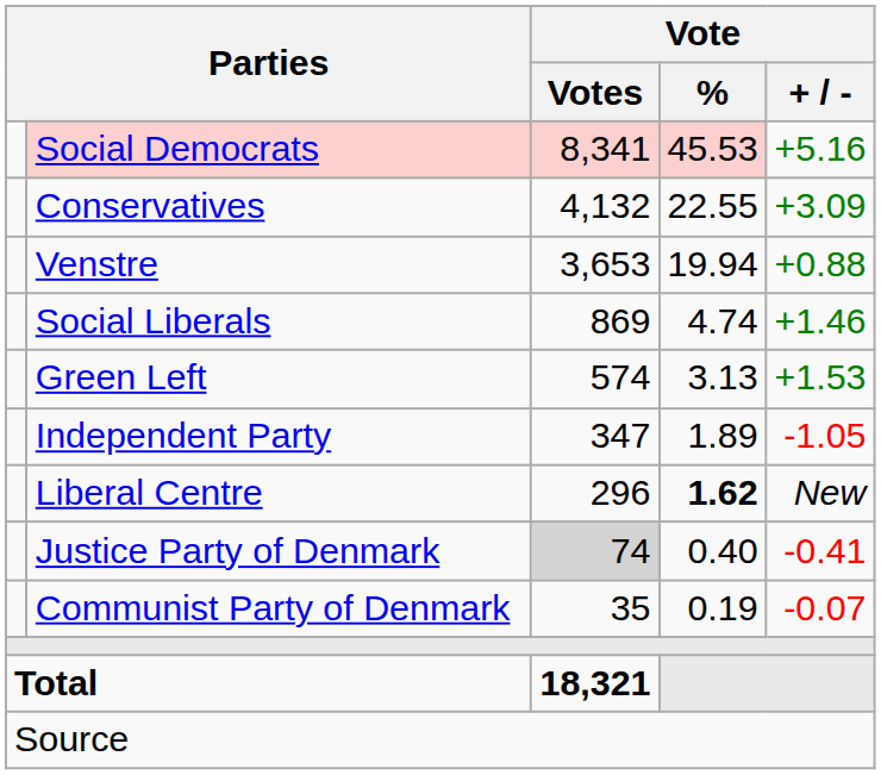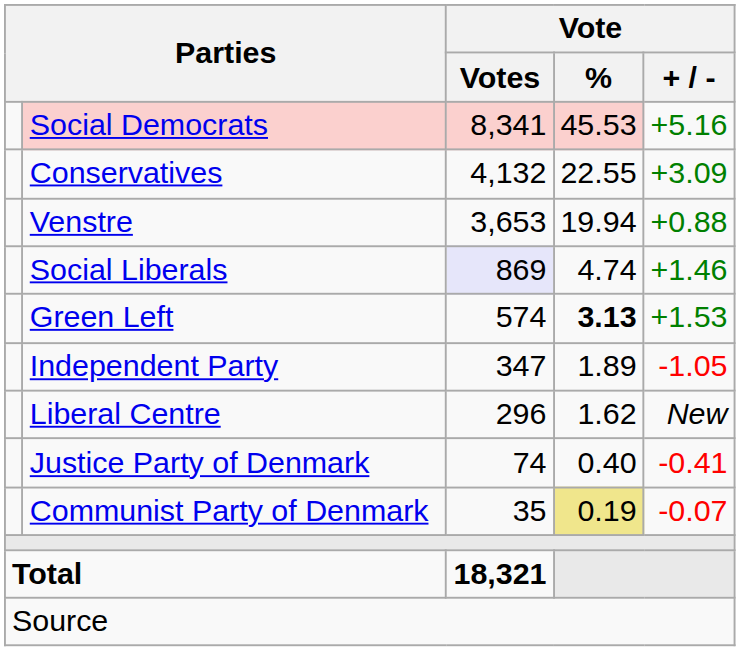 <table class="wikitable" style="text-align:right;">
 <tr>
 <th style="text-align:centre;" rowspan="2" colspan="2" width="225">Parties</th>
 <th colspan="3">Vote</th>
 </tr>
 <tr>
 <th width="15">Votes</th>
 <th width="15">%</th>
 <th width="15">+ / -</th>
 </tr>
 <tr>
 <td width="2" style="color:inherit;background:"></td>
 <td bgcolor=#fbd0ce  align="left"><a href='#'>Social Democrats</a></td>
 <td bgcolor=#fbd0ce>8,341</td>
 <td bgcolor=#fbd0ce>45.53</td>
 <td style=color:green;>+5.16</td>
 </tr>
 <tr>
 <td width="2" style="color:inherit;background:"></td>
 <td align="left"><a href='#'>Conservatives</a></td>
 <td>4,132</td>
 <td>22.55</td>
 <td style=color:green;>+3.09</td>
 </tr>
 <tr>
 <td width="2" style="color:inherit;background:"></td>
 <td align="left"><a href='#'>Venstre</a></td>
 <td>3,653</td>
 <td>19.94</td>
 <td style=color:green;>+0.88</td>
 </tr>
 <tr>
 <td width="2" style="color:inherit;background:"></td>
 <td align="left"><a href='#'>Social Liberals</a></td>
-<td>869</td>
+<td style="background: lavender;">869</td>
 <td>4.74</td>
 <td style=color:green;>+1.46</td>
 </tr>
 <tr>
 <td width="2" style="color:inherit;background:"></td>
 <td align="left"><a href='#'>Green Left</a></td>
 <td>574</td>
-<td>3.13</td>
+<td><strong>3.13</strong></td>
 <td style=color:green;>+1.53</td>
 </tr>
 <tr>
 <td width="2" style="color:inherit;background:"></td>
 <td align="left"><a href='#'>Independent Party</a></td>
 <td>347</td>
 <td>1.89</td>
 <td style=color:red;>-1.05</td>
 </tr>
 <tr>
 <td width="2" style="color:inherit;background:"></td>
 <td align="left"><a href='#'>Liberal Centre</a></td>
 <td>296</td>
-<td><strong>1.62</strong></td>
+<td>1.62</td>
 <td><em>New</em></td>
 </tr>
 <tr>
 <td width="2" style="color:inherit;background:"></td>
 <td align="left"><a href='#'>Justice Party of Denmark</a></td>
-<td style="background: lightgrey;">74</td>
+<td>74</td>
 <td>0.40</td>
 <td style=color:red;>-0.41</td>
 </tr>
 <tr>
 <td width="2" style="color:inherit;background:"></td>
 <td align="left"><a href='#'>Communist Party of Denmark</a></td>
 <td>35</td>
-<td>0.19</td>
+<td style="background: khaki;">0.19</td>
 <td style=color:red;>-0.07</td>
 </tr>
 <tr>
 <td colspan="7" bgcolor="#E9E9E9"></td>
 </tr>
 <tr>
 <td align="left" colspan="2"><strong>Total</strong></td>
 <td><strong>18,321</strong></td>
 <td bgcolor="#E9E9E9" colspan="2"></td>
 </tr>
 <tr>
 <td align="left" colspan="6">Source</td>
 </tr>
 </table>
